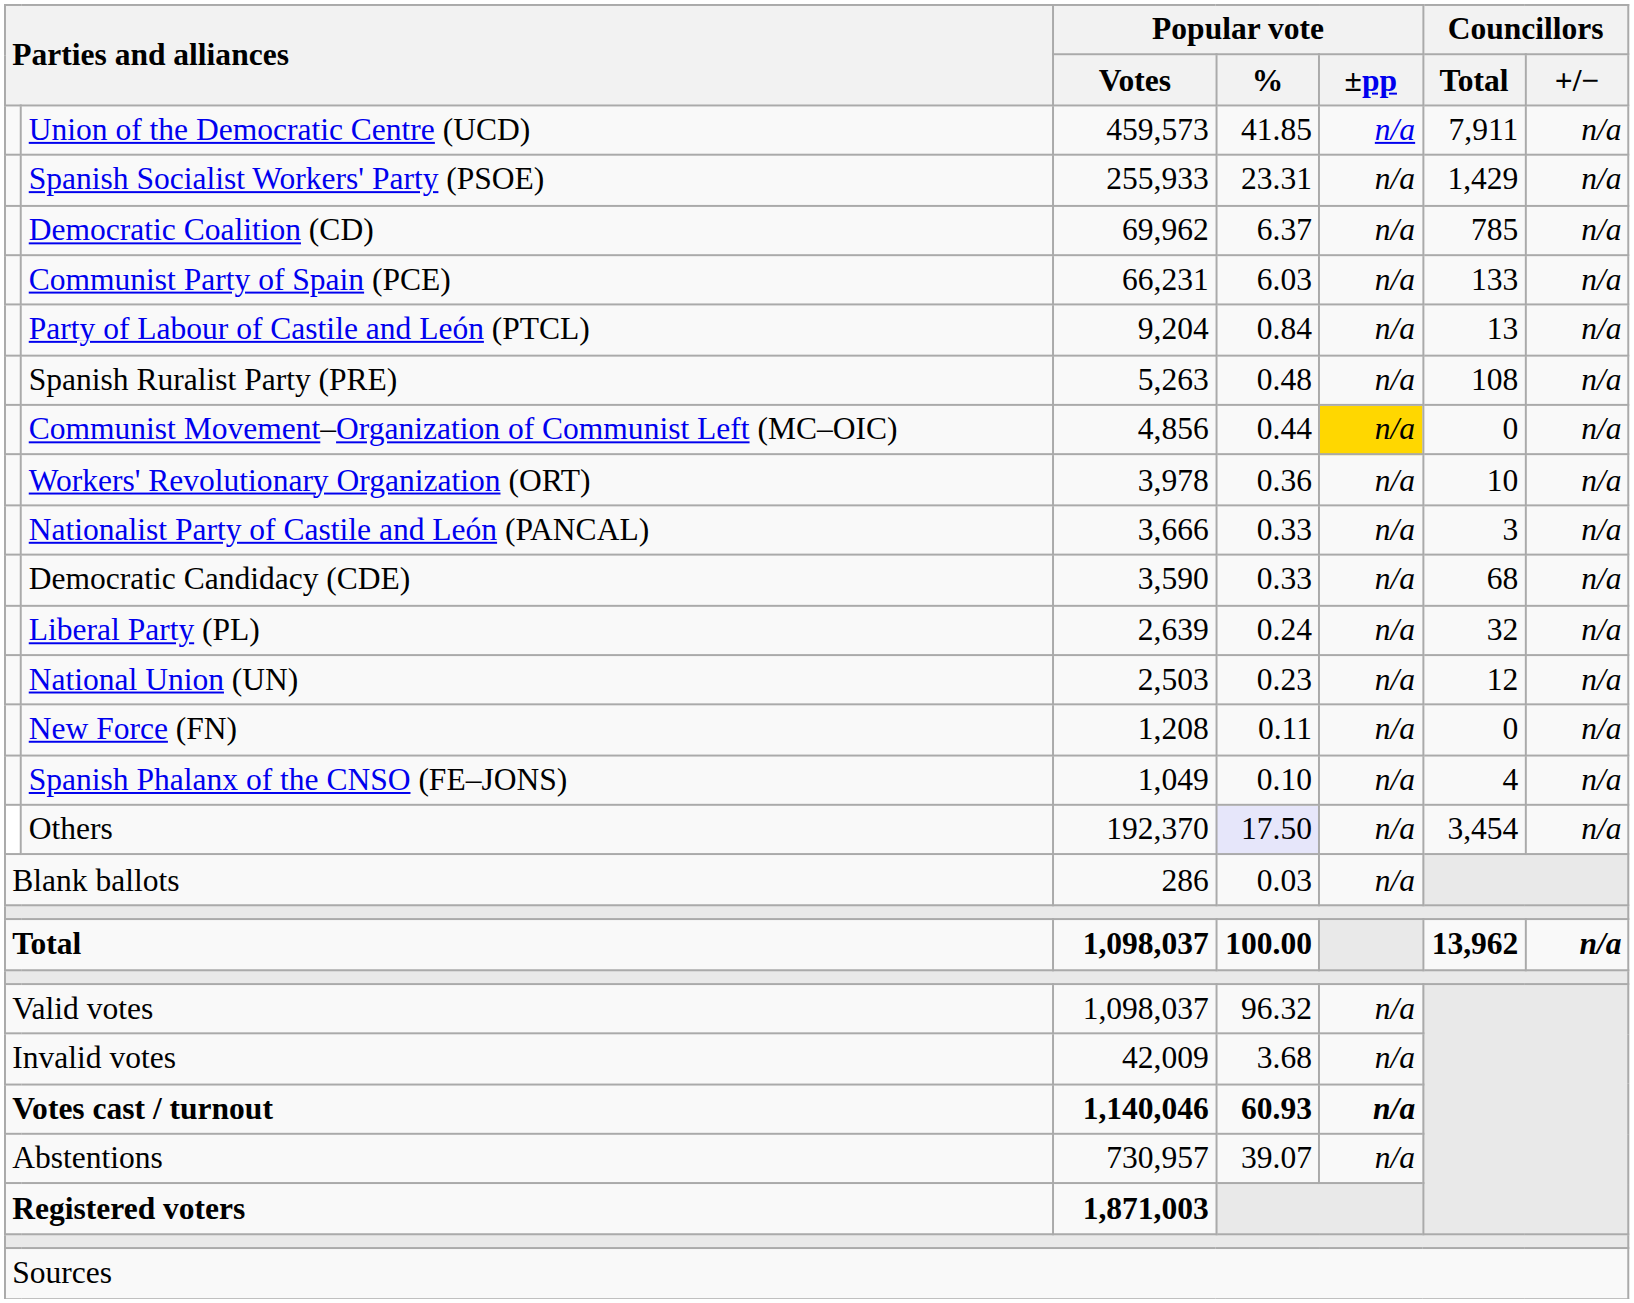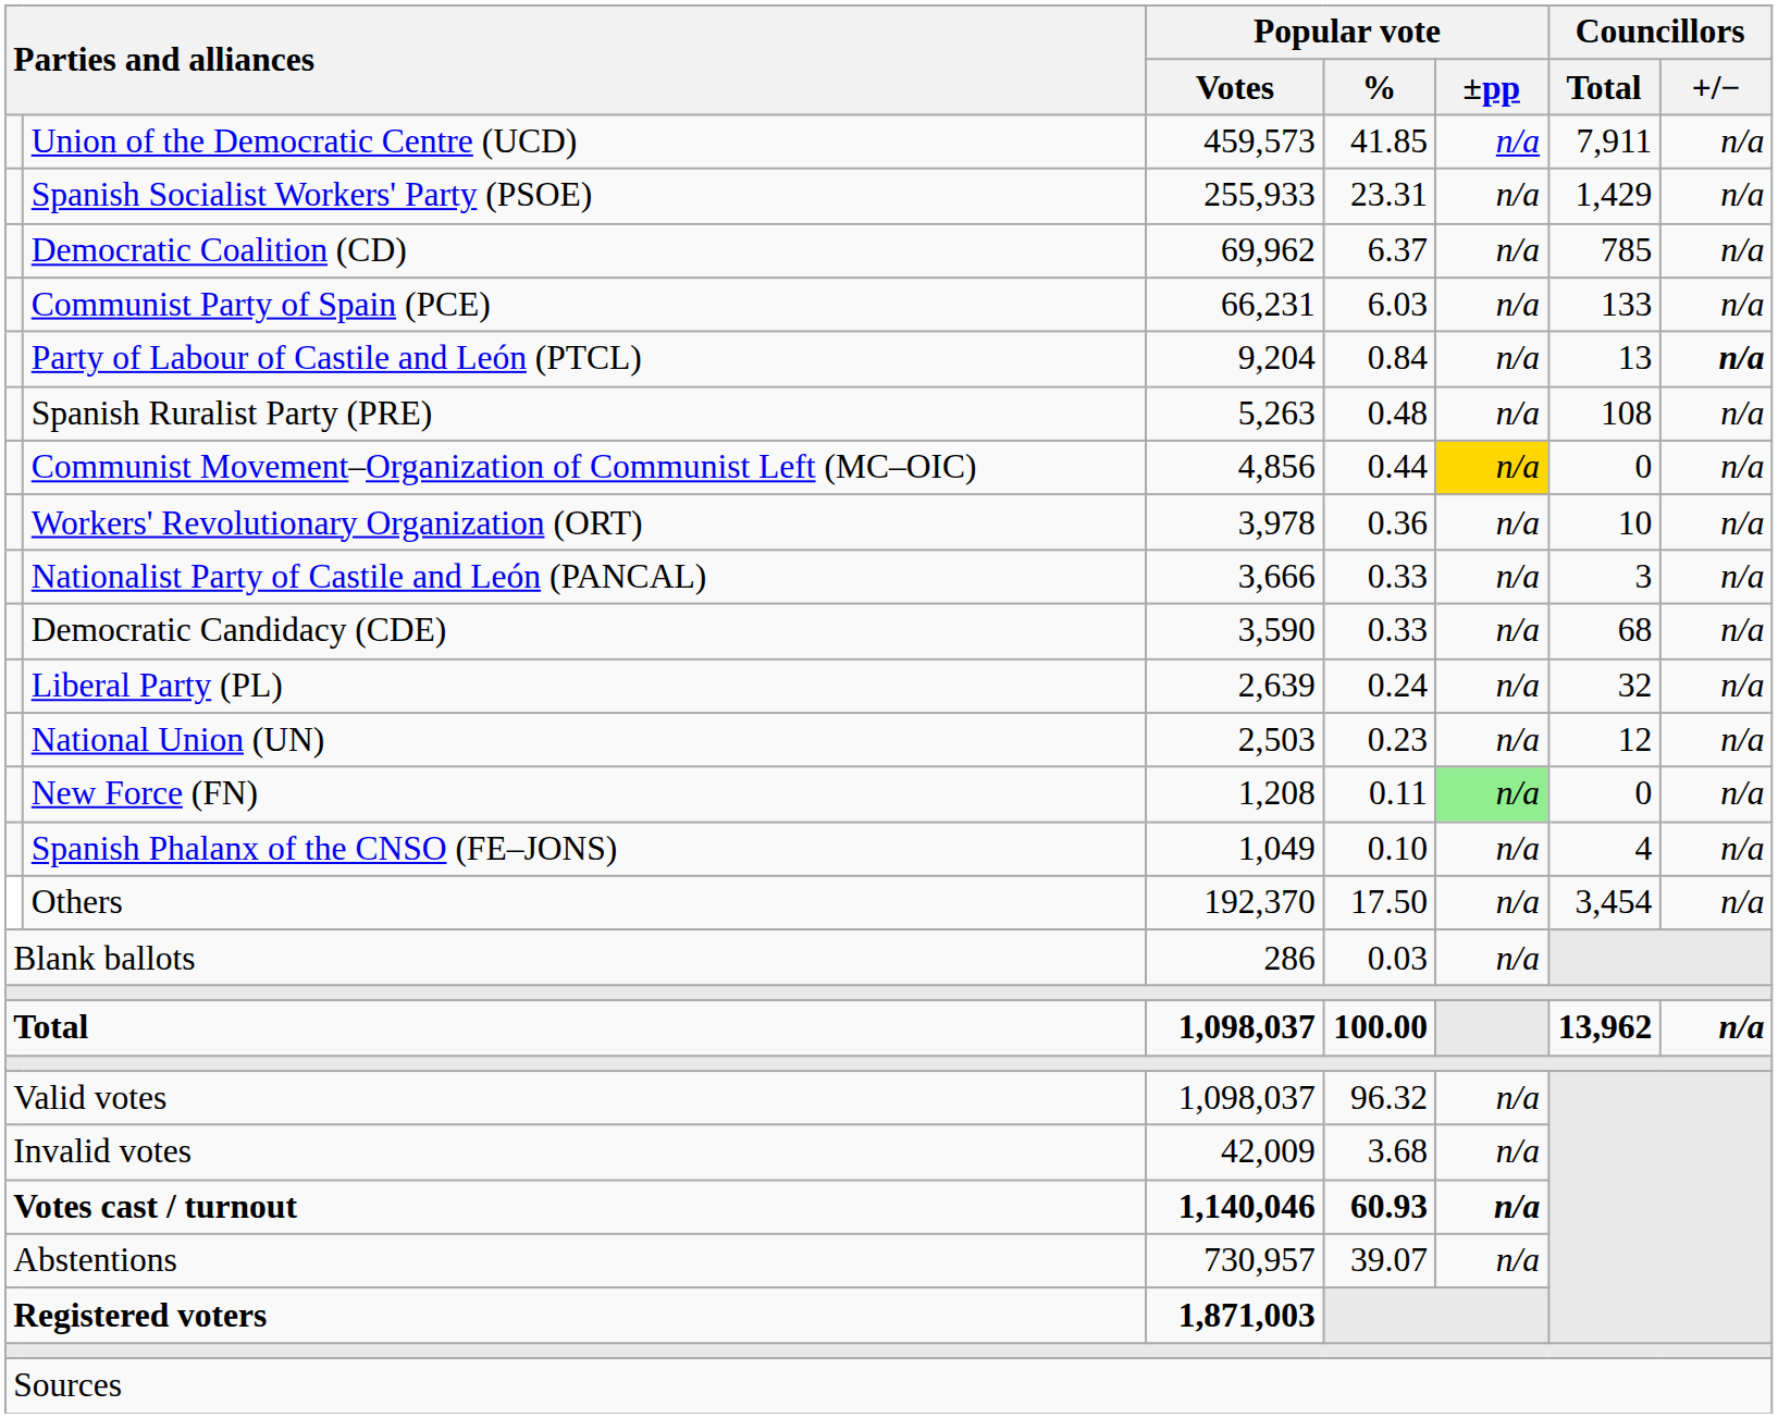 <table class="wikitable" style="text-align:right;">
 <tr>
 <th style="text-align:left;" rowspan="2" colspan="2" width="525">Parties and alliances</th>
 <th colspan="3">Popular vote</th>
 <th colspan="2">Councillors</th>
 </tr>
 <tr>
 <th width="75">Votes</th>
 <th width="45">%</th>
 <th width="45">±<a href='#'>pp</a></th>
 <th width="45">Total</th>
 <th width="45">+/−</th>
 </tr>
 <tr>
 <td style="color:inherit;background:"></td>
 <td align="left"><a href='#'>Union of the Democratic Centre</a> (UCD)</td>
 <td>459,573</td>
 <td>41.85</td>
 <td><em><a href='#'>n/a</a></em></td>
 <td>7,911</td>
 <td><em>n/a</em></td>
 </tr>
 <tr>
 <td width="1" style="color:inherit;background:"></td>
 <td align="left"><a href='#'>Spanish Socialist Workers' Party</a> (PSOE)</td>
 <td>255,933</td>
 <td>23.31</td>
 <td><em>n/a</em></td>
 <td>1,429</td>
 <td><em>n/a</em></td>
 </tr>
 <tr>
 <td style="color:inherit;background:"></td>
 <td align="left"><a href='#'>Democratic Coalition</a> (CD)</td>
 <td>69,962</td>
 <td>6.37</td>
 <td><em>n/a</em></td>
 <td>785</td>
 <td><em>n/a</em></td>
 </tr>
 <tr>
 <td style="color:inherit;background:"></td>
 <td align="left"><a href='#'>Communist Party of Spain</a> (PCE)</td>
 <td>66,231</td>
 <td>6.03</td>
 <td><em>n/a</em></td>
 <td>133</td>
 <td><em>n/a</em></td>
 </tr>
 <tr>
 <td style="color:inherit;background:"></td>
 <td align="left"><a href='#'>Party of Labour of Castile and León</a> (PTCL)</td>
 <td>9,204</td>
 <td>0.84</td>
 <td><em>n/a</em></td>
 <td>13</td>
-<td><em>n/a</em></td>
+<td><strong><em>n/a</em></strong></td>
 </tr>
 <tr>
 <td style="color:inherit;background:"></td>
 <td align="left">Spanish Ruralist Party (PRE)</td>
 <td>5,263</td>
 <td>0.48</td>
 <td><em>n/a</em></td>
 <td>108</td>
 <td><em>n/a</em></td>
 </tr>
 <tr>
 <td style="color:inherit;background:"></td>
 <td align="left"><a href='#'>Communist Movement</a>–<a href='#'>Organization of Communist Left</a> (MC–OIC)</td>
 <td>4,856</td>
 <td>0.44</td>
 <td style="background: gold;"><em>n/a</em></td>
 <td>0</td>
 <td><em>n/a</em></td>
 </tr>
 <tr>
 <td style="color:inherit;background:"></td>
 <td align="left"><a href='#'>Workers' Revolutionary Organization</a> (ORT)</td>
 <td>3,978</td>
 <td>0.36</td>
 <td><em>n/a</em></td>
 <td>10</td>
 <td><em>n/a</em></td>
 </tr>
 <tr>
 <td style="color:inherit;background:"></td>
 <td align="left"><a href='#'>Nationalist Party of Castile and León</a> (PANCAL)</td>
 <td>3,666</td>
 <td>0.33</td>
 <td><em>n/a</em></td>
 <td>3</td>
 <td><em>n/a</em></td>
 </tr>
 <tr>
 <td style="color:inherit;background:"></td>
 <td align="left">Democratic Candidacy (CDE)</td>
 <td>3,590</td>
 <td>0.33</td>
 <td><em>n/a</em></td>
 <td>68</td>
 <td><em>n/a</em></td>
 </tr>
 <tr>
 <td style="color:inherit;background:"></td>
 <td align="left"><a href='#'>Liberal Party</a> (PL)</td>
 <td>2,639</td>
 <td>0.24</td>
 <td><em>n/a</em></td>
 <td>32</td>
 <td><em>n/a</em></td>
 </tr>
 <tr>
 <td style="color:inherit;background:"></td>
 <td align="left"><a href='#'>National Union</a> (UN)</td>
 <td>2,503</td>
 <td>0.23</td>
 <td><em>n/a</em></td>
 <td>12</td>
 <td><em>n/a</em></td>
 </tr>
 <tr>
 <td style="color:inherit;background:"></td>
 <td align="left"><a href='#'>New Force</a> (FN)</td>
 <td>1,208</td>
 <td>0.11</td>
-<td><em>n/a</em></td>
+<td style="background: lightgreen;"><em>n/a</em></td>
 <td>0</td>
 <td><em>n/a</em></td>
 </tr>
 <tr>
 <td style="color:inherit;background:"></td>
 <td align="left"><a href='#'>Spanish Phalanx of the CNSO</a> (FE–JONS)</td>
 <td>1,049</td>
 <td>0.10</td>
 <td><em>n/a</em></td>
 <td>4</td>
 <td><em>n/a</em></td>
 </tr>
 <tr>
 <td bgcolor="white"></td>
 <td align="left">Others</td>
 <td>192,370</td>
-<td style="background: lavender;">17.50</td>
+<td>17.50</td>
 <td><em>n/a</em></td>
 <td>3,454</td>
 <td><em>n/a</em></td>
 </tr>
 <tr>
 <td align="left" colspan="2">Blank ballots</td>
 <td>286</td>
 <td>0.03</td>
 <td><em>n/a</em></td>
 <td bgcolor="#E9E9E9" colspan="2"></td>
 </tr>
 <tr>
 <td colspan="7" bgcolor="#E9E9E9"></td>
 </tr>
 <tr style="font-weight:bold;">
 <td align="left" colspan="2">Total</td>
 <td>1,098,037</td>
 <td>100.00</td>
 <td bgcolor="#E9E9E9"></td>
 <td>13,962</td>
 <td><em>n/a</em></td>
 </tr>
 <tr>
 <td colspan="7" bgcolor="#E9E9E9"></td>
 </tr>
 <tr>
 <td align="left" colspan="2">Valid votes</td>
 <td>1,098,037</td>
 <td>96.32</td>
 <td><em>n/a</em></td>
 <td bgcolor="#E9E9E9" colspan="2" rowspan="5"></td>
 </tr>
 <tr>
 <td align="left" colspan="2">Invalid votes</td>
 <td>42,009</td>
 <td>3.68</td>
 <td><em>n/a</em></td>
 </tr>
 <tr style="font-weight:bold;">
 <td align="left" colspan="2">Votes cast / turnout</td>
 <td>1,140,046</td>
 <td>60.93</td>
 <td><em>n/a</em></td>
 </tr>
 <tr>
 <td align="left" colspan="2">Abstentions</td>
 <td>730,957</td>
 <td>39.07</td>
 <td><em>n/a</em></td>
 </tr>
 <tr style="font-weight:bold;">
 <td align="left" colspan="2">Registered voters</td>
 <td>1,871,003</td>
 <td bgcolor="#E9E9E9" colspan="2"></td>
 </tr>
 <tr>
 <td colspan="7" bgcolor="#E9E9E9"></td>
 </tr>
 <tr>
 <td align="left" colspan="7">Sources</td>
 </tr>
 </table>
